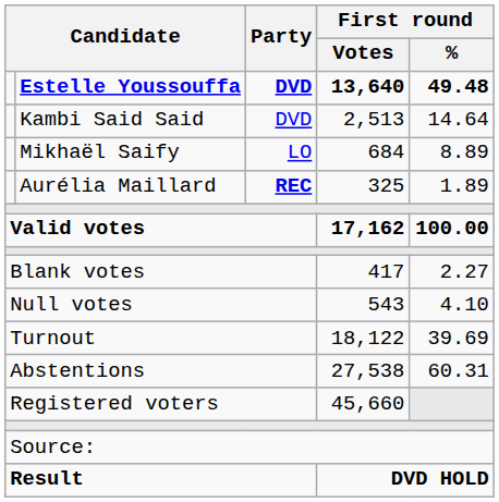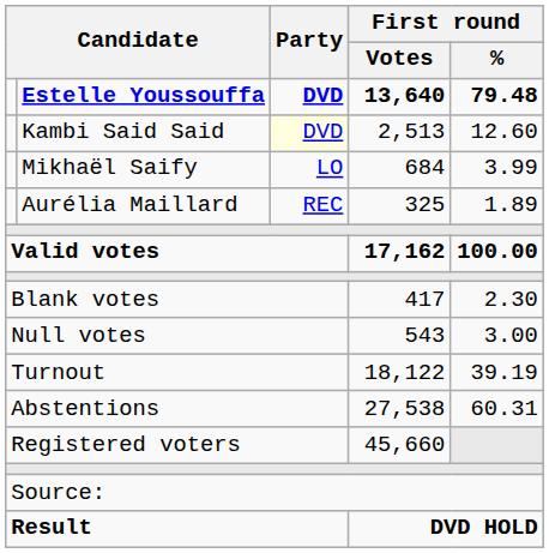 <table class="wikitable" style="text-align:right;font-size:95%;">
 <tr>
 <th colspan="2" rowspan="2">Candidate</th>
 <th colspan="1" rowspan="2">Party</th>
 <th colspan="2">First round</th>
 </tr>
 <tr>
 <th style="width:50px;">Votes</th>
 <th style="width:45px;">%</th>
 </tr>
 <tr>
 <td style="color:inherit;background:"></td>
 <td style="text-align:left;"><strong><a href='#'>Estelle Youssouffa</a></strong></td>
 <td><a href='#'><strong>DVD</strong></a></td>
 <td><strong>13,640</strong></td>
-<td><strong>49.48</strong></td>
+<td><strong>79.48</strong></td>
 </tr>
 <tr>
 <td style="color:inherit;background:"></td>
 <td style="text-align:left;">Kambi Said Said</td>
-<td><a href='#'>DVD</a></td>
+<td style="background: lightyellow;"><a href='#'>DVD</a></td>
 <td>2,513</td>
-<td>14.64</td>
+<td>12.60</td>
 </tr>
 <tr>
 <td style="color:inherit;background:"></td>
 <td style="text-align:left;">Mikhaël Saify</td>
 <td><a href='#'>LO</a></td>
 <td>684</td>
-<td>8.89</td>
+<td>3.99</td>
 </tr>
 <tr>
 <td style="color:inherit;background:"></td>
 <td style="text-align:left;">Aurélia Maillard</td>
-<td><strong><a href='#'>REC</a></strong></td>
+<td><a href='#'>REC</a></td>
 <td>325</td>
 <td>1.89</td>
 </tr>
 <tr>
 <td colspan="5" style="background:#E9E9E9;"></td>
 </tr>
 <tr style="font-weight:bold;">
 <td colspan="3" style="text-align:left;">Valid votes</td>
 <td>17,162</td>
 <td>100.00</td>
 </tr>
 <tr>
 <td colspan="5" style="background:#E9E9E9;"></td>
 </tr>
 <tr>
 <td colspan="3" style="text-align:left;">Blank votes</td>
 <td>417</td>
-<td>2.27</td>
+<td>2.30</td>
 </tr>
 <tr>
 <td colspan="3" style="text-align:left;">Null votes</td>
 <td>543</td>
-<td>4.10</td>
+<td>3.00</td>
 </tr>
 <tr>
 <td colspan="3" style="text-align:left;">Turnout</td>
 <td>18,122</td>
-<td>39.69</td>
+<td>39.19</td>
 </tr>
 <tr>
 <td colspan="3" style="text-align:left;">Abstentions</td>
 <td>27,538</td>
 <td>60.31</td>
 </tr>
 <tr>
 <td colspan="3" style="text-align:left;">Registered voters</td>
 <td>45,660</td>
 <td style="background:#E9E9E9;"></td>
 </tr>
 <tr>
 <td colspan="5" style="background:#E9E9E9;"></td>
 </tr>
 <tr>
 <td colspan="5" style="text-align:left;">Source: </td>
 </tr>
 <tr style="font-weight:bold">
 <td colspan="3" style="text-align:left;">Result</td>
 <td colspan="4" style="background-color:">DVD HOLD</td>
 </tr>
 </table>
